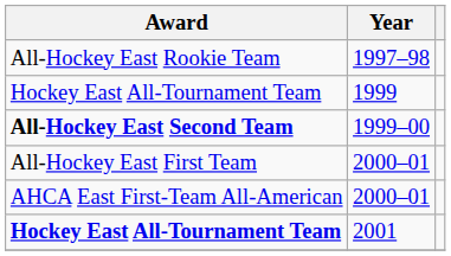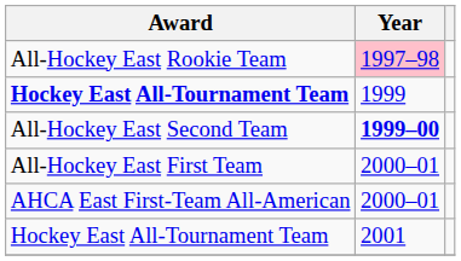 <table class="wikitable">
 <tr>
 <th>Award</th>
 <th>Year</th>
 <th></th>
 </tr>
 <tr>
 <td>All-<a href='#'>Hockey East</a> <a href='#'>Rookie Team</a></td>
-<td><a href='#'>1997–98</a></td>
+<td style="background: pink;"><a href='#'>1997–98</a></td>
 <td></td>
 </tr>
 <tr>
-<td><a href='#'>Hockey East</a> <a href='#'>All-Tournament Team</a></td>
+<td><strong><a href='#'>Hockey East</a> <a href='#'>All-Tournament Team</a></strong></td>
 <td><a href='#'>1999</a></td>
 <td></td>
 </tr>
 <tr>
-<td><strong>All-<a href='#'>Hockey East</a> <a href='#'>Second Team</a></strong></td>
-<td><a href='#'>1999–00</a></td>
+<td>All-<a href='#'>Hockey East</a> <a href='#'>Second Team</a></td>
+<td><strong><a href='#'>1999–00</a></strong></td>
 <td></td>
 </tr>
 <tr>
 <td>All-<a href='#'>Hockey East</a> <a href='#'>First Team</a></td>
 <td><a href='#'>2000–01</a></td>
 <td></td>
 </tr>
 <tr>
 <td><a href='#'>AHCA</a> <a href='#'>East First-Team All-American</a></td>
 <td><a href='#'>2000–01</a></td>
 <td></td>
 </tr>
 <tr>
-<td><strong><a href='#'>Hockey East</a> <a href='#'>All-Tournament Team</a></strong></td>
+<td><a href='#'>Hockey East</a> <a href='#'>All-Tournament Team</a></td>
 <td><a href='#'>2001</a></td>
 <td></td>
 </tr>
 <tr>
 </tr>
 </table>
